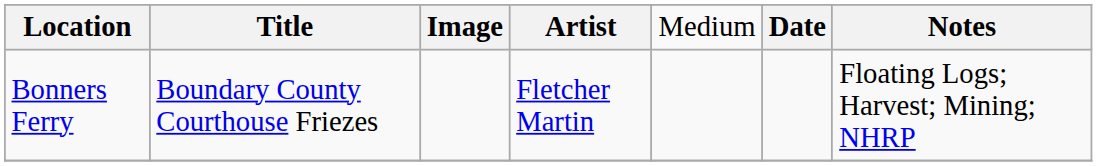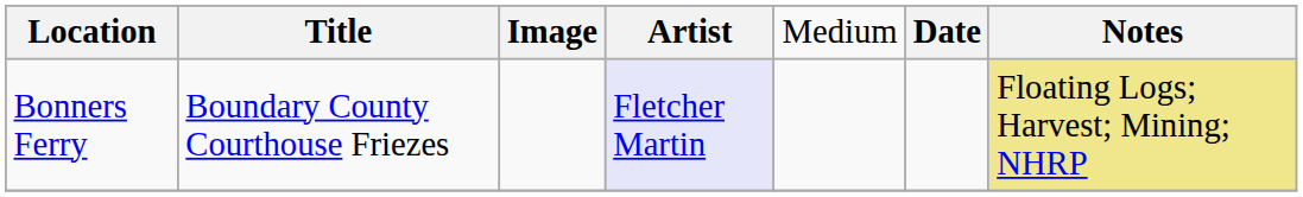 <table class="wikitable sortable">
 <tr>
 <th>Location</th>
 <th>Title</th>
 <th>Image</th>
 <th>Artist</th>
 <td>Medium</td>
 <th>Date</th>
 <th>Notes</th>
 </tr>
 <tr>
 <td><a href='#'>Bonners Ferry</a></td>
 <td><a href='#'>Boundary County Courthouse</a> Friezes</td>
 <td></td>
-<td><a href='#'>Fletcher Martin</a></td>
+<td style="background: lavender;"><a href='#'>Fletcher Martin</a></td>
 <td></td>
 <td></td>
-<td>Floating Logs; Harvest; Mining; <a href='#'>NHRP</a></td>
+<td style="background: khaki;">Floating Logs; Harvest; Mining; <a href='#'>NHRP</a></td>
 </tr>
 <tr>
 </tr>
 </table>
